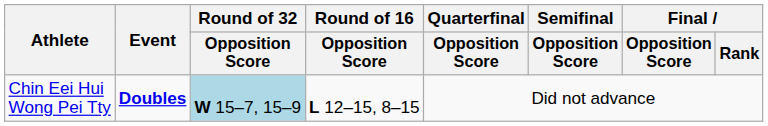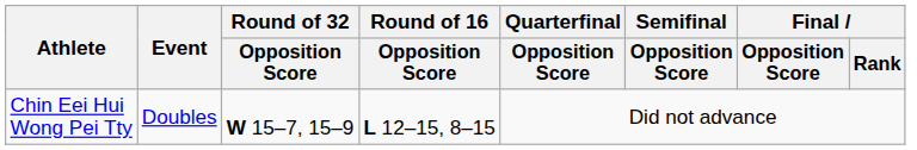 <table class=wikitable style="font-size:90%">
 <tr>
 <th rowspan="2">Athlete</th>
 <th rowspan="2">Event</th>
 <th>Round of 32</th>
 <th>Round of 16</th>
 <th>Quarterfinal</th>
 <th>Semifinal</th>
 <th colspan=2>Final / </th>
 </tr>
 <tr style="font-size:95%">
 <th>Opposition<br>Score</th>
 <th>Opposition<br>Score</th>
 <th>Opposition<br>Score</th>
 <th>Opposition<br>Score</th>
 <th>Opposition<br>Score</th>
 <th>Rank</th>
 </tr>
 <tr align=center>
 <td align=left><a href='#'>Chin Eei Hui</a><br><a href='#'>Wong Pei Tty</a></td>
-<td align=left><strong><a href='#'>Doubles</a></strong></td>
-<td style="background: lightblue;"><br><strong>W</strong> 15–7, 15–9</td>
+<td align=left><a href='#'>Doubles</a></td>
+<td><br><strong>W</strong> 15–7, 15–9</td>
 <td><br><strong>L</strong> 12–15, 8–15</td>
 <td colspan=4>Did not advance</td>
 </tr>
 </table>
